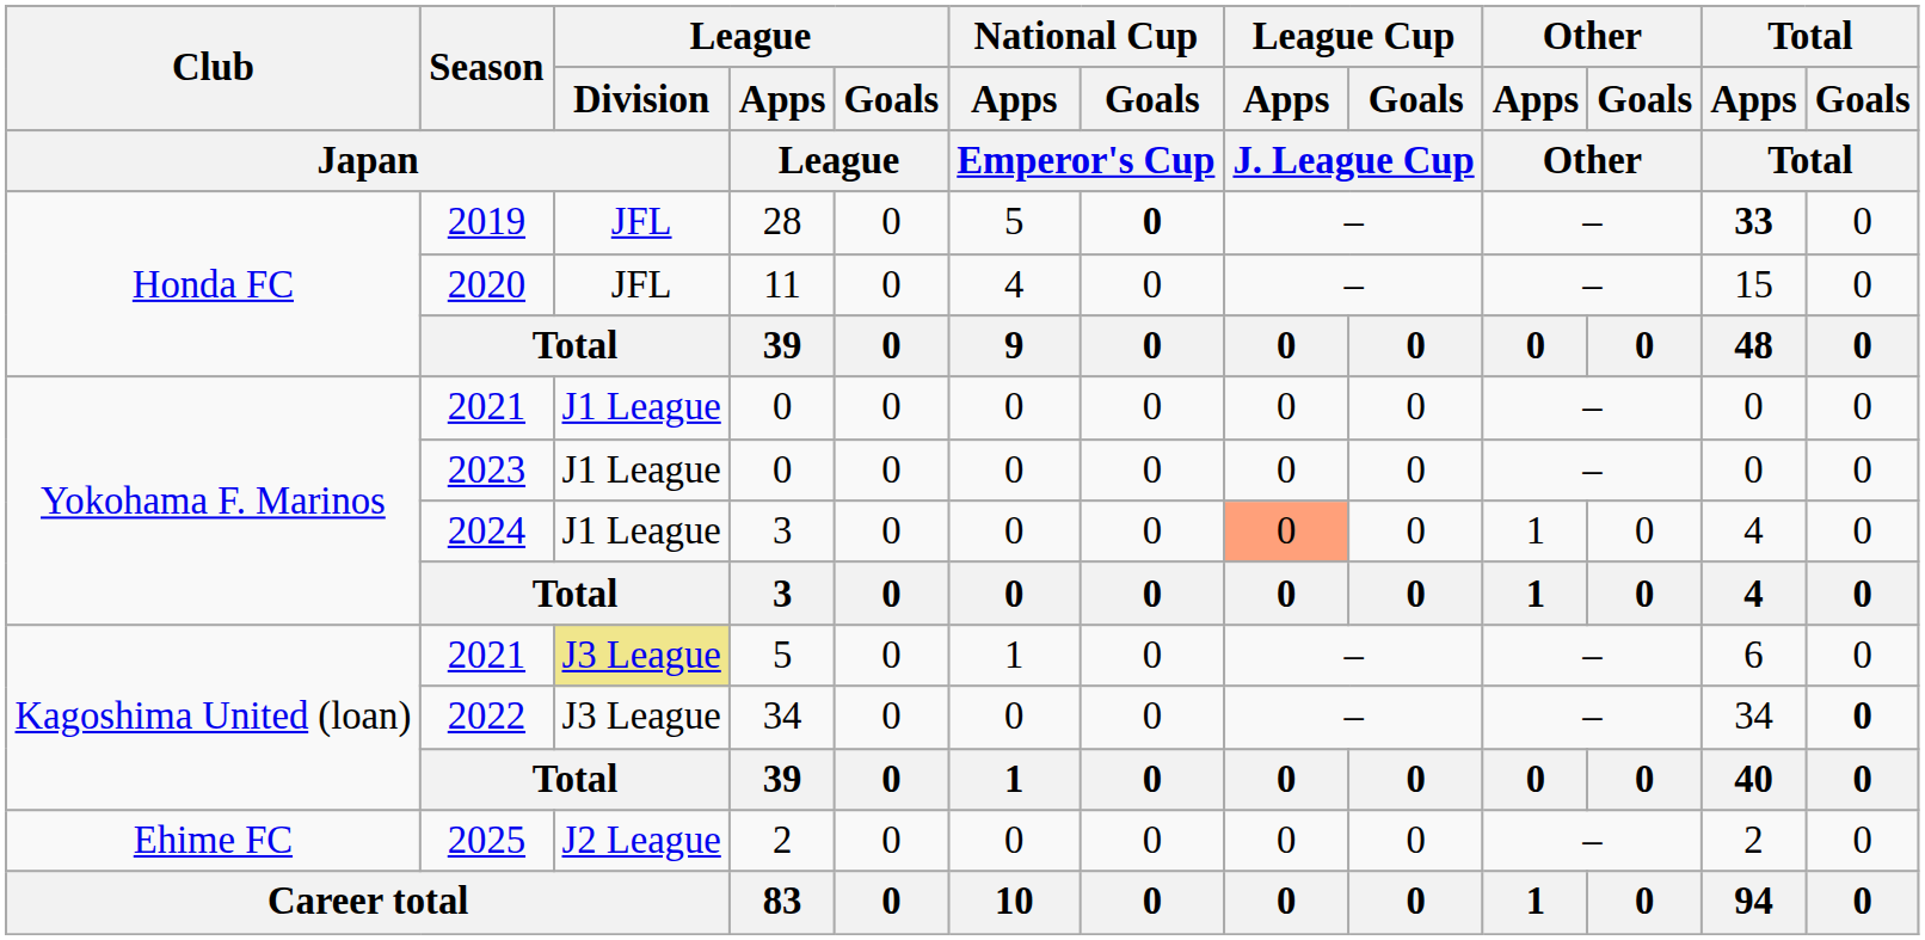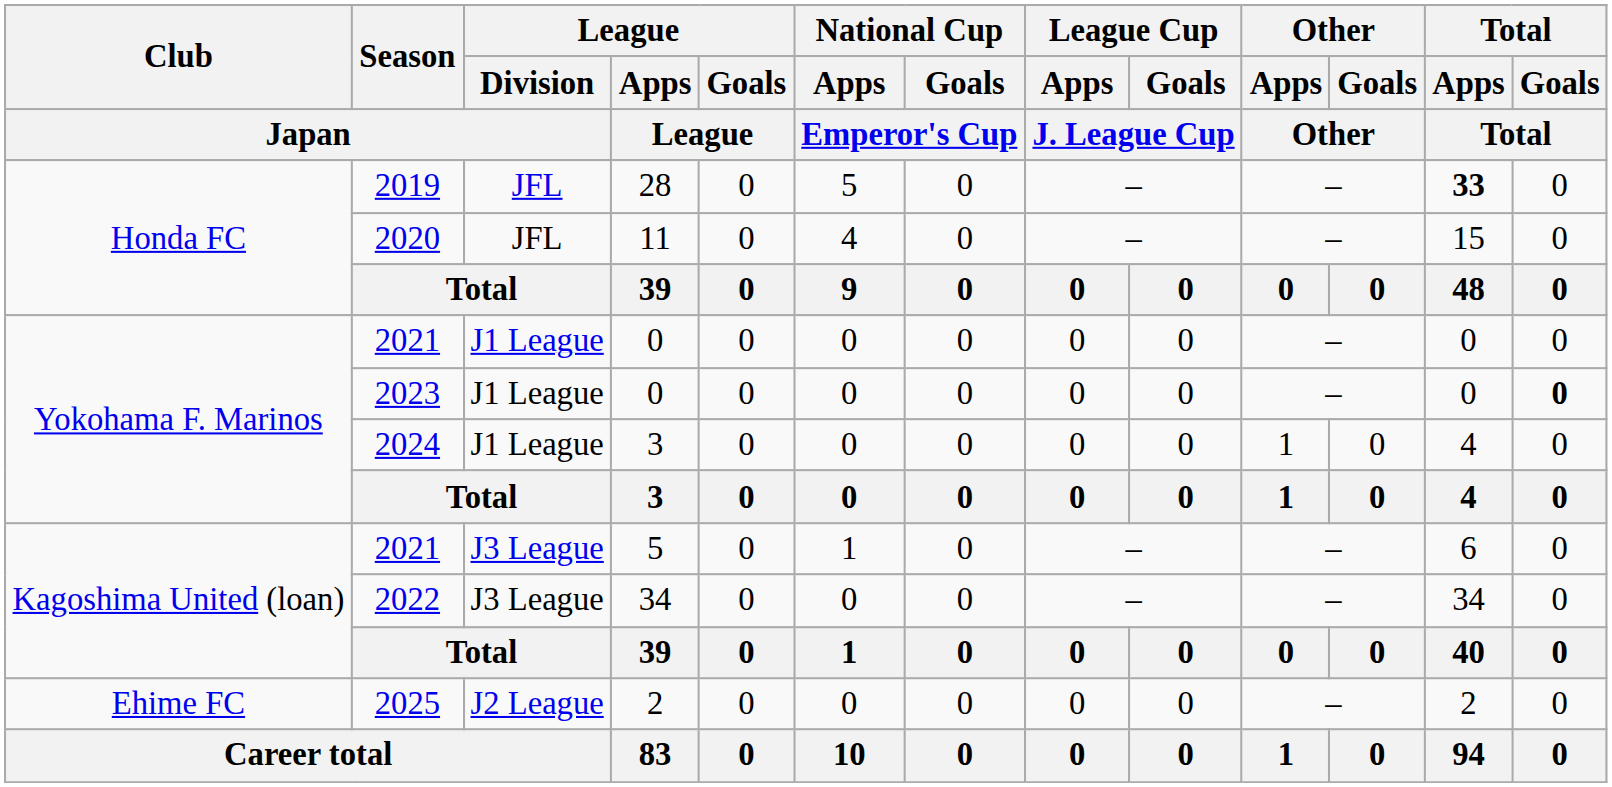 <table class="wikitable" style="text-align: center">
 <tr>
 <th rowspan="2">Club</th>
 <th rowspan="2">Season</th>
 <th colspan="3">League</th>
 <th colspan="2">National Cup</th>
 <th colspan="2">League Cup</th>
 <th colspan="2">Other</th>
 <th colspan="2">Total</th>
 </tr>
 <tr>
 <th>Division</th>
 <th>Apps</th>
 <th>Goals</th>
 <th>Apps</th>
 <th>Goals</th>
 <th>Apps</th>
 <th>Goals</th>
 <th>Apps</th>
 <th>Goals</th>
 <th>Apps</th>
 <th>Goals</th>
 </tr>
 <tr>
 <th colspan=3>Japan</th>
 <th colspan=2>League</th>
 <th colspan=2><a href='#'>Emperor's Cup</a></th>
 <th colspan=2><a href='#'>J. League Cup</a></th>
 <th colspan=2>Other</th>
 <th colspan=2>Total</th>
 </tr>
 <tr>
 <td rowspan="3"><a href='#'>Honda FC</a></td>
 <td><a href='#'>2019</a></td>
 <td><a href='#'>JFL</a></td>
 <td>28</td>
 <td>0</td>
 <td>5</td>
-<td><strong>0</strong></td>
+<td>0</td>
 <td colspan="2">–</td>
 <td colspan="2">–</td>
 <td><strong>33</strong></td>
 <td>0</td>
 </tr>
 <tr>
 <td><a href='#'>2020</a></td>
 <td>JFL</td>
 <td>11</td>
 <td>0</td>
 <td>4</td>
 <td>0</td>
 <td colspan="2">–</td>
 <td colspan="2">–</td>
 <td>15</td>
 <td>0</td>
 </tr>
 <tr>
 <th colspan=2>Total</th>
 <th>39</th>
 <th>0</th>
 <th>9</th>
 <th>0</th>
 <th>0</th>
 <th>0</th>
 <th>0</th>
 <th>0</th>
 <th>48</th>
 <th>0</th>
 </tr>
 <tr>
 <td rowspan="4"><a href='#'>Yokohama F. Marinos</a></td>
 <td><a href='#'>2021</a></td>
 <td><a href='#'>J1 League</a></td>
 <td>0</td>
 <td>0</td>
 <td>0</td>
 <td>0</td>
 <td>0</td>
 <td>0</td>
 <td colspan="2">–</td>
 <td>0</td>
 <td>0</td>
 </tr>
 <tr>
 <td><a href='#'>2023</a></td>
 <td>J1 League</td>
 <td>0</td>
 <td>0</td>
 <td>0</td>
 <td>0</td>
 <td>0</td>
 <td>0</td>
 <td colspan="2">–</td>
 <td>0</td>
-<td>0</td>
+<td><strong>0</strong></td>
 </tr>
 <tr>
 <td><a href='#'>2024</a></td>
 <td>J1 League</td>
 <td>3</td>
 <td>0</td>
 <td>0</td>
 <td>0</td>
-<td style="background: lightsalmon;">0</td>
+<td>0</td>
 <td>0</td>
 <td>1</td>
 <td>0</td>
 <td>4</td>
 <td>0</td>
 </tr>
 <tr>
 <th colspan=2>Total</th>
 <th>3</th>
 <th>0</th>
 <th>0</th>
 <th>0</th>
 <th>0</th>
 <th>0</th>
 <th>1</th>
 <th>0</th>
 <th>4</th>
 <th>0</th>
 </tr>
 <tr>
 <td rowspan="3"><a href='#'>Kagoshima United</a> (loan)</td>
 <td><a href='#'>2021</a></td>
-<td style="background: khaki;"><a href='#'>J3 League</a></td>
+<td><a href='#'>J3 League</a></td>
 <td>5</td>
 <td>0</td>
 <td>1</td>
 <td>0</td>
 <td colspan="2">–</td>
 <td colspan="2">–</td>
 <td>6</td>
 <td>0</td>
 </tr>
 <tr>
 <td><a href='#'>2022</a></td>
 <td>J3 League</td>
 <td>34</td>
 <td>0</td>
 <td>0</td>
 <td>0</td>
 <td colspan="2">–</td>
 <td colspan="2">–</td>
 <td>34</td>
-<td><strong>0</strong></td>
+<td>0</td>
 </tr>
 <tr>
 <th colspan=2>Total</th>
 <th>39</th>
 <th>0</th>
 <th>1</th>
 <th>0</th>
 <th>0</th>
 <th>0</th>
 <th>0</th>
 <th>0</th>
 <th>40</th>
 <th>0</th>
 </tr>
 <tr>
 <td><a href='#'>Ehime FC</a></td>
 <td><a href='#'>2025</a></td>
 <td><a href='#'>J2 League</a></td>
 <td>2</td>
 <td>0</td>
 <td>0</td>
 <td>0</td>
 <td>0</td>
 <td>0</td>
 <td colspan="2">–</td>
 <td>2</td>
 <td>0</td>
 </tr>
 <tr>
 <th colspan=3>Career total</th>
 <th>83</th>
 <th>0</th>
 <th>10</th>
 <th>0</th>
 <th>0</th>
 <th>0</th>
 <th>1</th>
 <th>0</th>
 <th>94</th>
 <th>0</th>
 </tr>
 </table>
